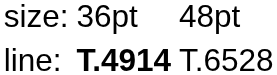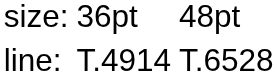 <table style="margin-left:40px;">
 <tr>
 <td>size:</td>
 <td>36pt</td>
 <td>48pt</td>
 </tr>
 <tr>
 <td>line:</td>
-<td><strong>T.4914</strong></td>
+<td>T.4914</td>
 <td>T.6528</td>
 </tr>
 </table>
